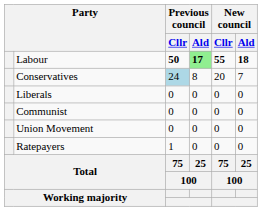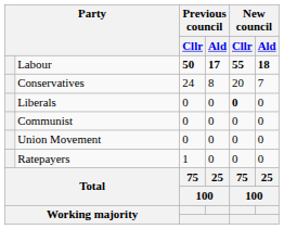 <table class="wikitable">
 <tr>
 <th valign=top colspan="2" rowspan="2" style="width: 230px">Party</th>
 <th valign=top colspan="2" style="width: 30px">Previous council</th>
 <th valign=top colspan="2" style="width: 30px">New council</th>
 </tr>
 <tr>
 <th><a href='#'>Cllr</a></th>
 <th><a href='#'>Ald</a></th>
 <th><a href='#'>Cllr</a></th>
 <th><a href='#'>Ald</a></th>
 </tr>
 <tr>
 <th style="background-color: "></th>
 <td>Labour</td>
 <td><strong>50</strong></td>
-<td style="background: lightgreen;"><strong>17</strong></td>
+<td><strong>17</strong></td>
 <td><strong>55</strong></td>
 <td><strong>18</strong></td>
 </tr>
 <tr>
 <th style="background-color: "></th>
 <td>Conservatives</td>
-<td style="background: lightblue;">24</td>
+<td>24</td>
 <td>8</td>
 <td>20</td>
 <td>7</td>
 </tr>
 <tr>
 <th style="background-color: "></th>
 <td>Liberals</td>
 <td>0</td>
 <td>0</td>
-<td>0</td>
+<td><strong>0</strong></td>
 <td>0</td>
 </tr>
 <tr>
 <th style="background-color: "></th>
 <td>Communist</td>
 <td>0</td>
 <td>0</td>
 <td>0</td>
 <td>0</td>
 </tr>
 <tr>
 <th style="background-color: "></th>
 <td>Union Movement</td>
 <td>0</td>
 <td>0</td>
 <td>0</td>
 <td>0</td>
 </tr>
 <tr>
 <th style="background-color: "></th>
 <td>Ratepayers</td>
 <td>1</td>
 <td>0</td>
 <td>0</td>
 <td>0</td>
 </tr>
 <tr>
 <th colspan="2" rowspan="2">Total</th>
 <th style="text-align: center">75</th>
 <th style="text-align: center">25</th>
 <th style="text-align: center">75</th>
 <th style="text-align: center">25</th>
 </tr>
 <tr>
 <th colspan="2" style="text-align: center">100</th>
 <th colspan="2" style="text-align: center">100</th>
 </tr>
 <tr>
 <th colspan="2" rowspan="2">Working majority</th>
 <th></th>
 <th></th>
 <th></th>
 <th></th>
 </tr>
 <tr>
 <th colspan="2"></th>
 <th colspan="2"></th>
 </tr>
 </table>
